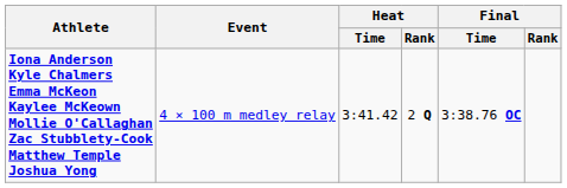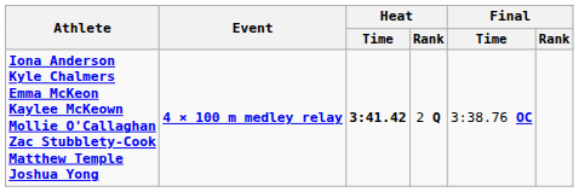 <table class=wikitable style=font-size:90%>
 <tr>
 <th rowspan=2>Athlete</th>
 <th rowspan=2>Event</th>
 <th colspan=2>Heat</th>
 <th colspan=2>Final</th>
 </tr>
 <tr style=font-size:95%>
 <th>Time</th>
 <th>Rank</th>
 <th>Time</th>
 <th>Rank</th>
 </tr>
 <tr align=center>
 <td align=left><strong><a href='#'>Iona Anderson</a></strong><br><strong><a href='#'>Kyle Chalmers</a></strong><br><strong><a href='#'>Emma McKeon</a></strong><br><strong><a href='#'>Kaylee McKeown</a><br><a href='#'>Mollie O'Callaghan</a><br><a href='#'>Zac Stubblety-Cook</a></strong><br><strong><a href='#'>Matthew Temple</a><br><a href='#'>Joshua Yong</a></strong></td>
-<td align=left><a href='#'>4 × 100 m medley relay</a></td>
-<td>3:41.42</td>
+<td align=left><strong><a href='#'>4 × 100 m medley relay</a></strong></td>
+<td><strong>3:41.42</strong></td>
 <td>2 <strong>Q</strong></td>
 <td>3:38.76 <strong><a href='#'>OC</a></strong></td>
 <td></td>
 </tr>
 </table>
